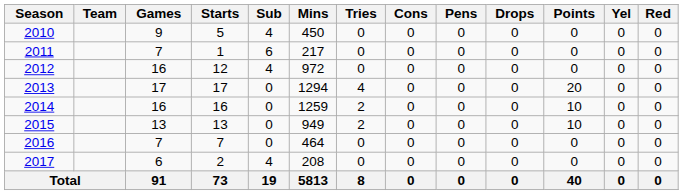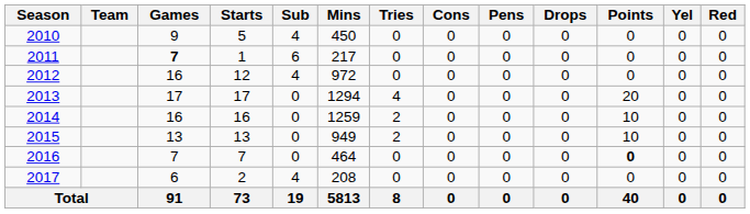 <table class="wikitable" style="text-align:center; line-height:90%; font-size:95%; width:60%;">
 <tr>
 <th>Season</th>
 <th>Team</th>
 <th>Games</th>
 <th>Starts</th>
 <th>Sub</th>
 <th>Mins</th>
 <th>Tries</th>
 <th>Cons</th>
 <th>Pens</th>
 <th>Drops</th>
 <th>Points</th>
 <th>Yel</th>
 <th>Red</th>
 </tr>
 <tr>
 <td><a href='#'>2010</a></td>
 <td></td>
 <td>9</td>
 <td>5</td>
 <td>4</td>
 <td>450</td>
 <td>0</td>
 <td>0</td>
 <td>0</td>
 <td>0</td>
 <td>0</td>
 <td>0</td>
 <td>0</td>
 </tr>
 <tr>
 <td><a href='#'>2011</a></td>
 <td></td>
-<td>7</td>
+<td><strong>7</strong></td>
 <td>1</td>
 <td>6</td>
 <td>217</td>
 <td>0</td>
 <td>0</td>
 <td>0</td>
 <td>0</td>
 <td>0</td>
 <td>0</td>
 <td>0</td>
 </tr>
 <tr>
 <td><a href='#'>2012</a></td>
 <td></td>
 <td>16</td>
 <td>12</td>
 <td>4</td>
 <td>972</td>
 <td>0</td>
 <td>0</td>
 <td>0</td>
 <td>0</td>
 <td>0</td>
 <td>0</td>
 <td>0</td>
 </tr>
 <tr>
 <td><a href='#'>2013</a></td>
 <td></td>
 <td>17</td>
 <td>17</td>
 <td>0</td>
 <td>1294</td>
 <td>4</td>
 <td>0</td>
 <td>0</td>
 <td>0</td>
 <td>20</td>
 <td>0</td>
 <td>0</td>
 </tr>
 <tr>
 <td><a href='#'>2014</a></td>
 <td></td>
 <td>16</td>
 <td>16</td>
 <td>0</td>
 <td>1259</td>
 <td>2</td>
 <td>0</td>
 <td>0</td>
 <td>0</td>
 <td>10</td>
 <td>0</td>
 <td>0</td>
 </tr>
 <tr>
 <td><a href='#'>2015</a></td>
 <td></td>
 <td>13</td>
 <td>13</td>
 <td>0</td>
 <td>949</td>
 <td>2</td>
 <td>0</td>
 <td>0</td>
 <td>0</td>
 <td>10</td>
 <td>0</td>
 <td>0</td>
 </tr>
 <tr>
 <td><a href='#'>2016</a></td>
 <td></td>
 <td>7</td>
 <td>7</td>
 <td>0</td>
 <td>464</td>
 <td>0</td>
 <td>0</td>
 <td>0</td>
 <td>0</td>
-<td>0</td>
+<td><strong>0</strong></td>
 <td>0</td>
 <td>0</td>
 </tr>
 <tr>
 <td><a href='#'>2017</a></td>
 <td></td>
 <td>6</td>
 <td>2</td>
 <td>4</td>
 <td>208</td>
 <td>0</td>
 <td>0</td>
 <td>0</td>
 <td>0</td>
 <td>0</td>
 <td>0</td>
 <td>0</td>
 </tr>
 <tr>
 <th colspan="2">Total</th>
 <th>91</th>
 <th>73</th>
 <th>19</th>
 <th>5813</th>
 <th>8</th>
 <th>0</th>
 <th>0</th>
 <th>0</th>
 <th>40</th>
 <th>0</th>
 <th>0</th>
 </tr>
 </table>
